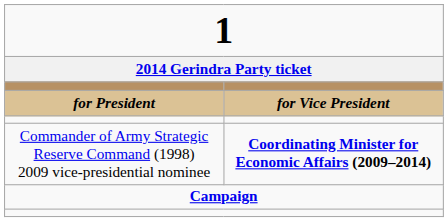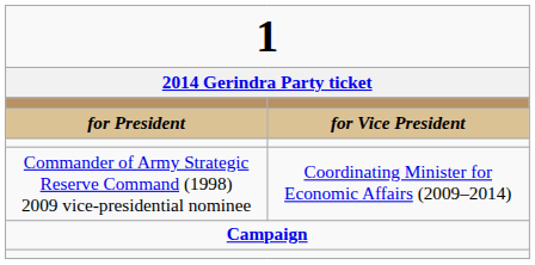 <table class="wikitable" style="font-size:90%; text-align:center">
 <tr>
 <td colspan=2 style="text-align:center;"><big><big><big><big><big><strong>1</strong></big></big></big></big></big></td>
 </tr>
 <tr>
 <td colspan=2 style="background:#f1f1f1;"><strong><a href='#'>2014 Gerindra Party ticket</a></strong></td>
 </tr>
 <tr>
 <th style="font-size:135%; background:#B79164;"><a href='#'></a></th>
 <th style="font-size:135%; background:#B79164;"><a href='#'></a></th>
 </tr>
 <tr style="color:#000; font-size:100%; background:#DBC295;">
 <td style="width:3em; width:200px;"><strong><em>for President</em></strong></td>
 <td style="width:3em; width:200px;"><strong><em>for Vice President</em></strong></td>
 </tr>
 <tr>
 <td></td>
 <td></td>
 </tr>
 <tr>
 <td><a href='#'>Commander of Army Strategic Reserve Command</a> (1998)<br>2009 vice-presidential nominee</td>
-<td><strong><a href='#'>Coordinating Minister for Economic Affairs</a> (2009–2014)</strong></td>
+<td><a href='#'>Coordinating Minister for Economic Affairs</a> (2009–2014)</td>
 </tr>
 <tr>
 <td colspan=2><strong><a href='#'>Campaign</a></strong></td>
 </tr>
 <tr>
 <td colspan=2></td>
 </tr>
 </table>
